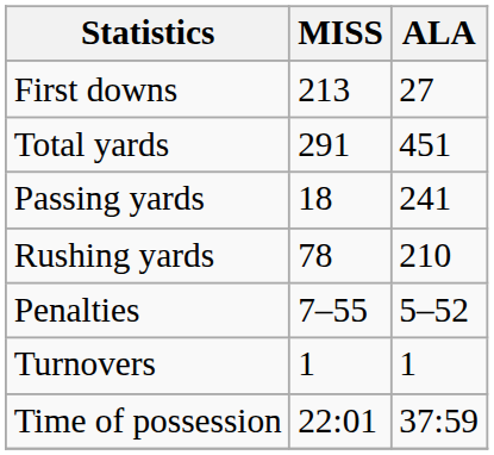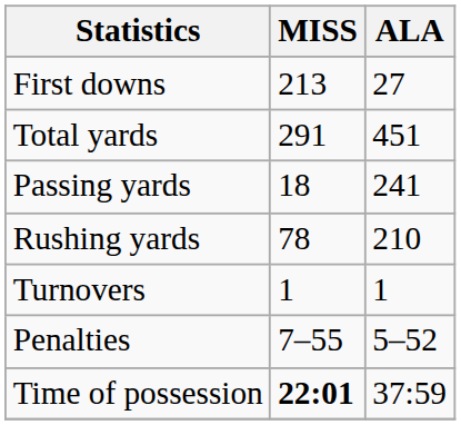 <table class="wikitable" style="float: left;">
 <tr>
 <th>Statistics</th>
 <th>MISS</th>
 <th>ALA</th>
 </tr>
 <tr>
 <td>First downs</td>
 <td>213</td>
 <td>27</td>
 </tr>
 <tr>
 <td>Total yards</td>
 <td>291</td>
 <td>451</td>
 </tr>
 <tr>
 <td>Passing yards</td>
 <td>18</td>
 <td>241</td>
 </tr>
 <tr>
 <td>Rushing yards</td>
 <td>78</td>
 <td>210</td>
 </tr>
 <tr>
+<td>Turnovers</td>
+<td>1</td>
+<td>1</td>
+</tr>
+<tr>
 <td>Penalties</td>
 <td>7–55</td>
 <td>5–52</td>
 </tr>
 <tr>
-<td>Turnovers</td>
-<td>1</td>
-<td>1</td>
-</tr>
-<tr>
 <td>Time of possession</td>
-<td>22:01</td>
+<td><strong>22:01</strong></td>
 <td>37:59</td>
 </tr>
 <tr>
 </tr>
 </table>
